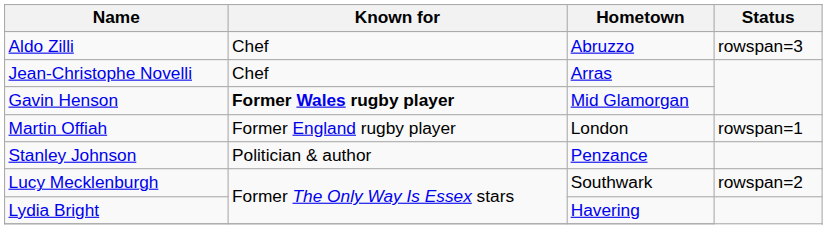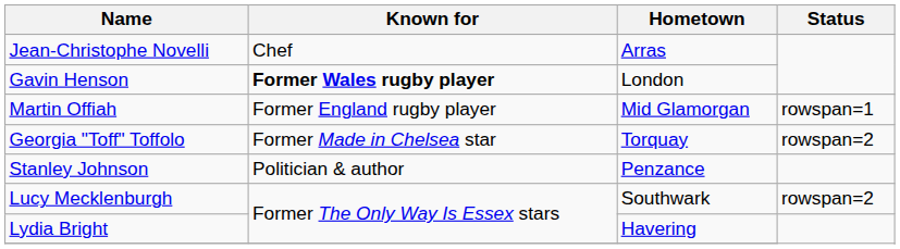 <table class="wikitable sortable" width=60%>
 <tr>
 <th>Name</th>
 <th>Known for</th>
 <th>Hometown</th>
 <th>Status</th>
-</tr>
-<tr>
-<td><a href='#'>Aldo Zilli</a></td>
-<td>Chef</td>
-<td><a href='#'>Abruzzo</a></td>
-<td>rowspan=3 </td>
 </tr>
 <tr>
 <td><a href='#'>Jean-Christophe Novelli</a></td>
 <td>Chef</td>
 <td><a href='#'>Arras</a></td>
 </tr>
 <tr>
 <td><a href='#'>Gavin Henson</a></td>
 <td><strong>Former <a href='#'>Wales</a> rugby player</strong></td>
-<td><a href='#'>Mid Glamorgan</a></td>
+<td>London</td>
 </tr>
 <tr>
 <td><a href='#'>Martin Offiah</a></td>
 <td>Former <a href='#'>England</a> rugby player</td>
-<td>London</td>
+<td><a href='#'>Mid Glamorgan</a></td>
 <td>rowspan=1 </td>
+</tr>
+<tr>
+<td><a href='#'>Georgia "Toff" Toffolo</a></td>
+<td>Former <em><a href='#'>Made in Chelsea</a></em> star</td>
+<td><a href='#'>Torquay</a></td>
+<td>rowspan=2 </td>
 </tr>
 <tr>
 <td><a href='#'>Stanley Johnson</a></td>
 <td>Politician & author</td>
 <td><a href='#'>Penzance</a></td>
 </tr>
 <tr>
 <td><a href='#'>Lucy Mecklenburgh</a></td>
 <td rowspan="2">Former <em><a href='#'>The Only Way Is Essex</a></em> stars</td>
 <td>Southwark</td>
 <td>rowspan=2 </td>
 </tr>
 <tr>
 <td><a href='#'>Lydia Bright</a></td>
 <td><a href='#'>Havering</a></td>
 </tr>
 <tr>
 </tr>
 </table>
